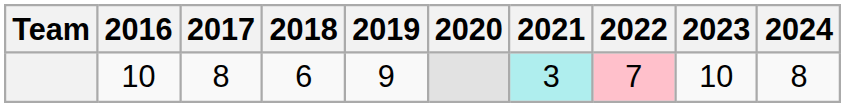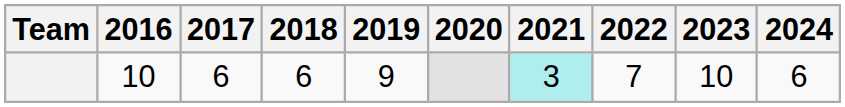 <table class="wikitable" style="font-size:85%; text-align:center;">
 <tr>
 <th scope="col">Team</th>
 <th scope="col">2016</th>
 <th scope="col">2017</th>
 <th scope="col">2018</th>
 <th scope="col">2019</th>
 <th scope="col">2020</th>
 <th scope="col">2021</th>
 <th scope="col">2022</th>
 <th scope="col">2023</th>
 <th scope="col">2024</th>
 </tr>
 <tr>
 <th scope="row"></th>
 <td>10</td>
-<td>8</td>
+<td>6</td>
 <td>6</td>
 <td>9</td>
 <td bgcolor="#e2e2e2"></td>
 <td style="background: paleturquoise;">3</td>
-<td style="background: pink;">7</td>
+<td>7</td>
 <td>10</td>
-<td>8</td>
+<td>6</td>
 </tr>
 </table>
